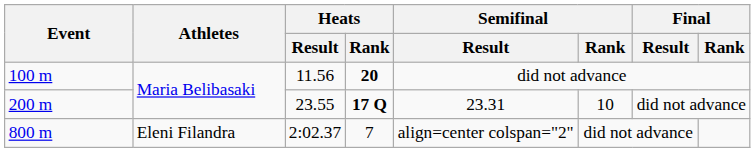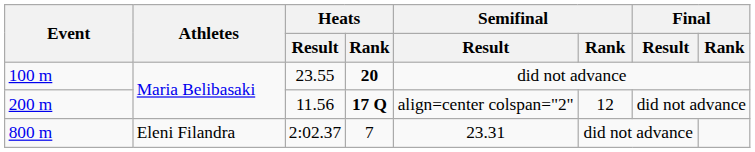 <table class="wikitable" border="1" style="font-size:90%">
 <tr>
 <th rowspan="2" width=100>Event</th>
 <th rowspan="2" width=120>Athletes</th>
 <th colspan="2">Heats</th>
 <th colspan="2">Semifinal</th>
 <th colspan="2">Final</th>
 </tr>
 <tr>
 <th>Result</th>
 <th>Rank</th>
 <th>Result</th>
 <th>Rank</th>
 <th>Result</th>
 <th>Rank</th>
 </tr>
 <tr>
 <td><a href='#'>100 m</a></td>
 <td rowspan=2><a href='#'>Maria Belibasaki</a></td>
-<td align=center>11.56</td>
+<td align=center>23.55</td>
 <td align=center><strong>20</strong></td>
 <td align=center colspan="4">did not advance</td>
 </tr>
 <tr>
 <td><a href='#'>200 m</a></td>
-<td align=center>23.55</td>
+<td align=center>11.56</td>
 <td align=center><strong>17 Q</strong></td>
-<td align=center>23.31</td>
-<td align=center>10</td>
+<td>align=center colspan="2" </td>
+<td align=center>12</td>
 <td align=center colspan="2">did not advance</td>
 </tr>
 <tr>
 <td><a href='#'>800 m</a></td>
 <td>Eleni Filandra</td>
 <td align=center>2:02.37</td>
 <td align=center>7</td>
-<td>align=center colspan="2" </td>
+<td align=center>23.31</td>
 <td align=center colspan="2">did not advance</td>
 </tr>
 </table>
